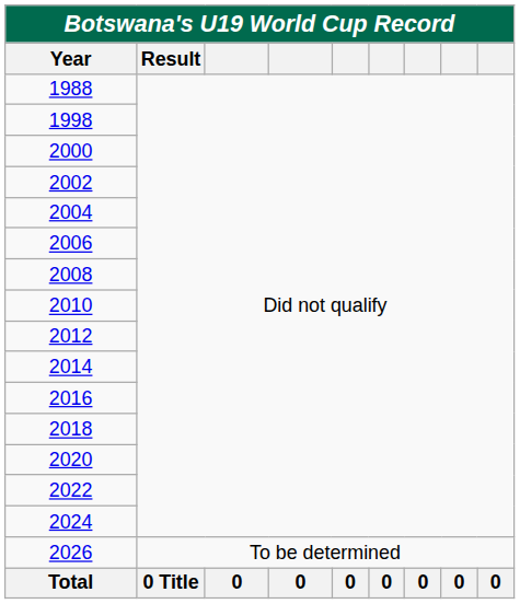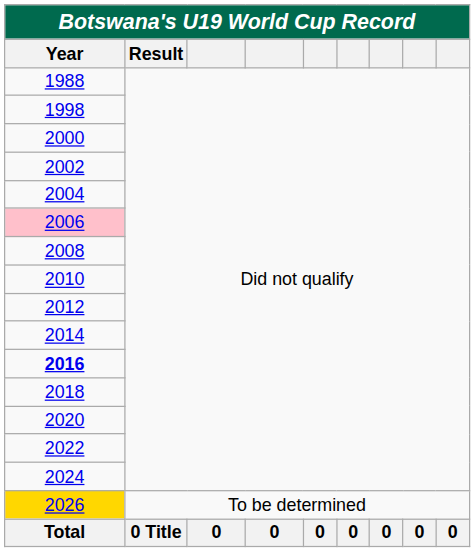 <table class="wikitable" style="font-size:90%; text-align:center">
 <tr>
 <th style="color:white; background:#006A4E;" colspan=9><strong><em><big>Botswana's U19 World Cup Record</big></em></strong></th>
 </tr>
 <tr>
 <th width="90">Year</th>
 <th>Result</th>
 <th width="40"></th>
 <th width="40"></th>
 <th width="20"></th>
 <th width="20"></th>
 <th width="20"></th>
 <th width="20"></th>
 <th width="20"></th>
 </tr>
 <tr>
 <td> <a href='#'>1988</a></td>
 <td rowspan=15 colspan=8>Did not qualify</td>
 </tr>
 <tr>
 <td> <a href='#'>1998</a></td>
 </tr>
 <tr>
 <td> <a href='#'>2000</a></td>
 </tr>
 <tr>
 <td> <a href='#'>2002</a></td>
 </tr>
 <tr>
 <td> <a href='#'>2004</a></td>
 </tr>
 <tr>
-<td> <a href='#'>2006</a></td>
+<td style="background: pink;"> <a href='#'>2006</a></td>
 </tr>
 <tr>
 <td> <a href='#'>2008</a></td>
 </tr>
 <tr>
 <td> <a href='#'>2010</a></td>
 </tr>
 <tr>
 <td> <a href='#'>2012</a></td>
 </tr>
 <tr>
 <td> <a href='#'>2014</a></td>
 </tr>
 <tr>
-<td> <a href='#'>2016</a></td>
+<td><strong> <a href='#'>2016</a></strong></td>
 </tr>
 <tr>
 <td> <a href='#'>2018</a></td>
 </tr>
 <tr>
 <td> <a href='#'>2020</a></td>
 </tr>
 <tr>
 <td> <a href='#'>2022</a></td>
 </tr>
 <tr>
 <td> <a href='#'>2024</a></td>
 </tr>
 <tr>
-<td>  <a href='#'>2026</a></td>
+<td style="background: gold;">  <a href='#'>2026</a></td>
 <td colspan=8>To be determined</td>
 </tr>
 <tr>
 <th>Total</th>
 <th>0 Title</th>
 <th>0</th>
 <th>0</th>
 <th>0</th>
 <th>0</th>
 <th>0</th>
 <th>0</th>
 <th>0</th>
 </tr>
 </table>
